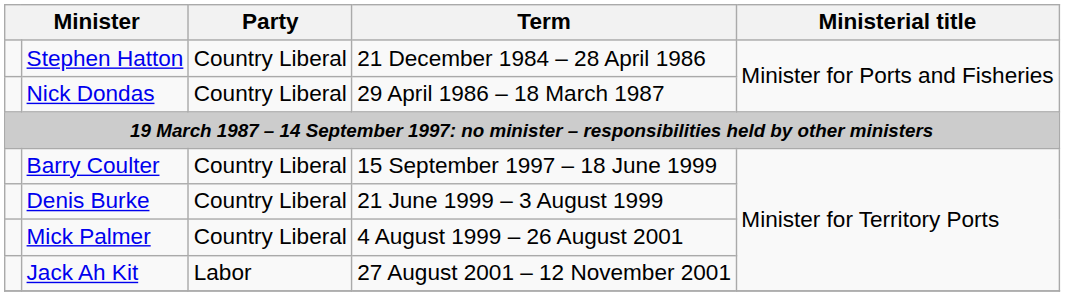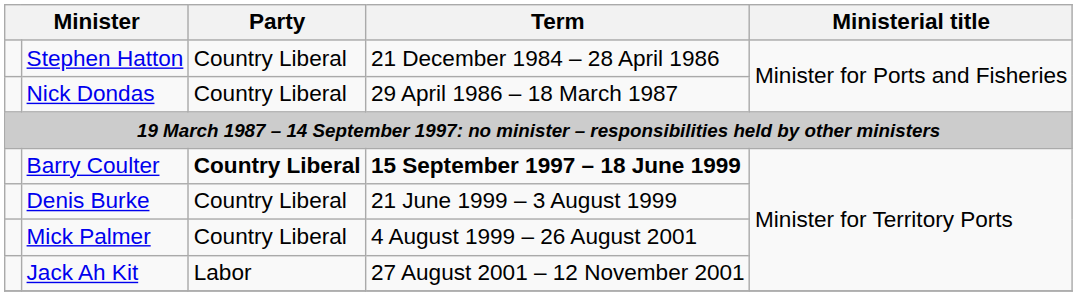 <table class="sortable wikitable">
 <tr>
 <th colspan=2>Minister</th>
 <th>Party</th>
 <th>Term </th>
 <th>Ministerial title</th>
 </tr>
 <tr>
 <td> </td>
 <td><a href='#'>Stephen Hatton</a></td>
 <td>Country Liberal</td>
 <td>21 December 1984 – 28 April 1986</td>
 <td rowspan="2">Minister for Ports and Fisheries</td>
 </tr>
 <tr>
 <td> </td>
 <td><a href='#'>Nick Dondas</a></td>
 <td>Country Liberal</td>
 <td>29 April 1986 – 18 March 1987</td>
 </tr>
 <tr>
 <th colspan=5 style="background: #cccccc;"><small><strong><em>19 March 1987 – 14 September 1997: no minister – responsibilities held by other ministers</em></strong></small></th>
 </tr>
 <tr>
 <td> </td>
 <td><a href='#'>Barry Coulter</a></td>
-<td>Country Liberal</td>
-<td>15 September 1997 – 18 June 1999</td>
+<td><strong>Country Liberal</strong></td>
+<td><strong>15 September 1997 – 18 June 1999</strong></td>
 <td rowspan="4">Minister for Territory Ports</td>
 </tr>
 <tr>
 <td> </td>
 <td><a href='#'>Denis Burke</a></td>
 <td>Country Liberal</td>
 <td>21 June 1999 – 3 August 1999</td>
 </tr>
 <tr>
 <td> </td>
 <td><a href='#'>Mick Palmer</a></td>
 <td>Country Liberal</td>
 <td>4 August 1999 – 26 August 2001</td>
 </tr>
 <tr>
 <td> </td>
 <td><a href='#'>Jack Ah Kit</a></td>
 <td>Labor</td>
 <td>27 August 2001 – 12 November 2001</td>
 </tr>
 <tr>
 </tr>
 </table>
